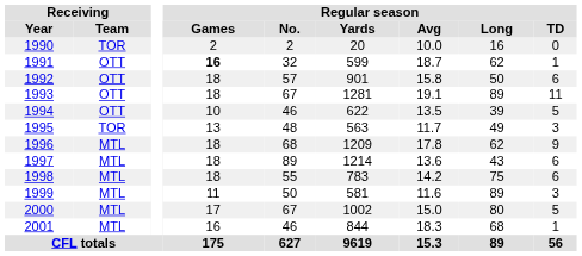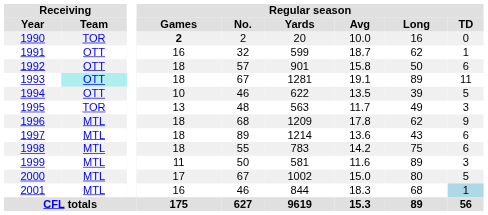 <table BORDER="0" CELLPADDING="1" CELLSPACING="0" width="55%" style="text-align:center">
 <tr bgcolor="#e0e0e0">
 <th colspan="2">Receiving</th>
 <th rowspan="99" bgcolor="#ffffff"> </th>
 <th colspan="6">Regular season</th>
 </tr>
 <tr bgcolor="#e0e0e0">
 <th>Year</th>
 <th>Team</th>
 <th>Games</th>
 <th>No.</th>
 <th>Yards</th>
 <th>Avg</th>
 <th>Long</th>
 <th>TD</th>
 </tr>
 <tr ALIGN="center" bgcolor="#f0f0f0">
 <td><a href='#'>1990</a></td>
 <td><a href='#'>TOR</a></td>
-<td>2</td>
+<td><strong>2</strong></td>
 <td>2</td>
 <td>20</td>
 <td>10.0</td>
 <td>16</td>
 <td>0</td>
 </tr>
 <tr ALIGN="center">
 <td><a href='#'>1991</a></td>
 <td><a href='#'>OTT</a></td>
-<td><strong>16</strong></td>
+<td>16</td>
 <td>32</td>
 <td>599</td>
 <td>18.7</td>
 <td>62</td>
 <td>1</td>
 </tr>
 <tr ALIGN="center" bgcolor="#f0f0f0">
 <td><a href='#'>1992</a></td>
 <td><a href='#'>OTT</a></td>
 <td>18</td>
 <td>57</td>
 <td>901</td>
 <td>15.8</td>
 <td>50</td>
 <td>6</td>
 </tr>
 <tr ALIGN="center">
 <td><a href='#'>1993</a></td>
-<td><a href='#'>OTT</a></td>
+<td style="background: paleturquoise;"><a href='#'>OTT</a></td>
 <td>18</td>
 <td>67</td>
 <td>1281</td>
 <td>19.1</td>
 <td>89</td>
 <td>11</td>
 </tr>
 <tr ALIGN="center" bgcolor="#f0f0f0">
 <td><a href='#'>1994</a></td>
 <td><a href='#'>OTT</a></td>
 <td>10</td>
 <td>46</td>
 <td>622</td>
 <td>13.5</td>
 <td>39</td>
 <td>5</td>
 </tr>
 <tr ALIGN="center">
 <td><a href='#'>1995</a></td>
 <td><a href='#'>TOR</a></td>
 <td>13</td>
 <td>48</td>
 <td>563</td>
 <td>11.7</td>
 <td>49</td>
 <td>3</td>
 </tr>
 <tr ALIGN="center" bgcolor="#f0f0f0">
 <td><a href='#'>1996</a></td>
 <td><a href='#'>MTL</a></td>
 <td>18</td>
 <td>68</td>
 <td>1209</td>
 <td>17.8</td>
 <td>62</td>
 <td>9</td>
 </tr>
 <tr ALIGN="center">
 <td><a href='#'>1997</a></td>
 <td><a href='#'>MTL</a></td>
 <td>18</td>
 <td>89</td>
 <td>1214</td>
 <td>13.6</td>
 <td>43</td>
 <td>6</td>
 </tr>
 <tr ALIGN="center" bgcolor="#f0f0f0">
 <td><a href='#'>1998</a></td>
 <td><a href='#'>MTL</a></td>
 <td>18</td>
 <td>55</td>
 <td>783</td>
 <td>14.2</td>
 <td>75</td>
 <td>6</td>
 </tr>
 <tr ALIGN="center">
 <td><a href='#'>1999</a></td>
 <td><a href='#'>MTL</a></td>
 <td>11</td>
 <td>50</td>
 <td>581</td>
 <td>11.6</td>
 <td>89</td>
 <td>3</td>
 </tr>
 <tr ALIGN="center" bgcolor="#f0f0f0">
 <td><a href='#'>2000</a></td>
 <td><a href='#'>MTL</a></td>
 <td>17</td>
 <td>67</td>
 <td>1002</td>
 <td>15.0</td>
 <td>80</td>
 <td>5</td>
 </tr>
 <tr ALIGN="center">
 <td><a href='#'>2001</a></td>
 <td><a href='#'>MTL</a></td>
 <td>16</td>
 <td>46</td>
 <td>844</td>
 <td>18.3</td>
 <td>68</td>
-<td>1</td>
+<td style="background: lightblue;">1</td>
 </tr>
 <tr bgcolor="#e0e0e0">
 <th colspan="3"><a href='#'>CFL</a> totals</th>
 <th>175</th>
 <th>627</th>
 <th>9619</th>
 <th>15.3</th>
 <th>89</th>
 <th>56</th>
 </tr>
 </table>
